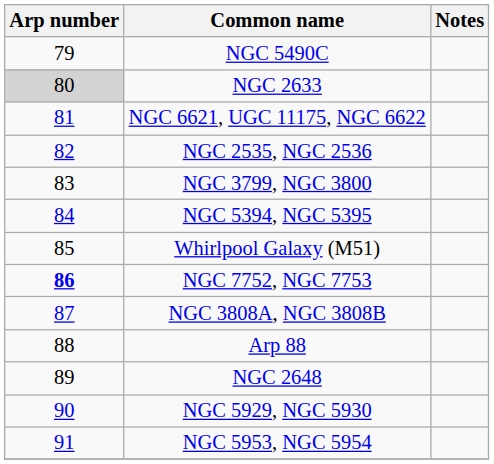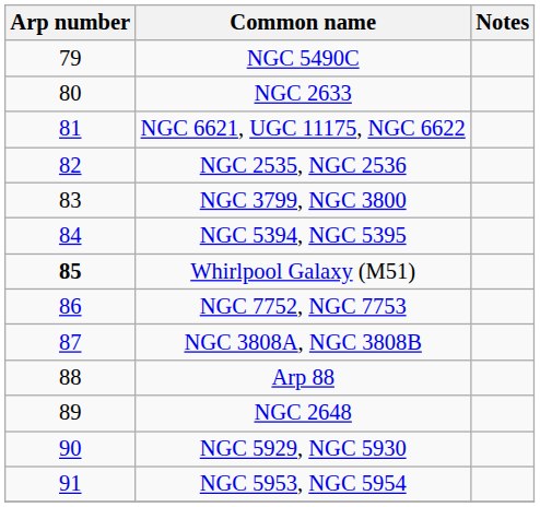 <table class="wikitable" style="text-align:center;">
 <tr>
 <th>Arp number</th>
 <th>Common name</th>
 <th>Notes</th>
 </tr>
 <tr>
 <td>79</td>
 <td><a href='#'>NGC 5490C</a></td>
 <td></td>
 </tr>
 <tr>
-<td style="background: lightgrey;">80</td>
+<td>80</td>
 <td><a href='#'>NGC 2633</a></td>
 <td></td>
 </tr>
 <tr>
 <td><a href='#'>81</a></td>
 <td><a href='#'>NGC 6621</a>, <a href='#'>UGC 11175</a>, <a href='#'>NGC 6622</a></td>
 <td></td>
 </tr>
 <tr>
 <td><a href='#'>82</a></td>
 <td><a href='#'>NGC 2535</a>, <a href='#'>NGC 2536</a></td>
 <td></td>
 </tr>
 <tr>
 <td>83</td>
 <td><a href='#'>NGC 3799</a>, <a href='#'>NGC 3800</a></td>
 <td></td>
 </tr>
 <tr>
 <td><a href='#'>84</a></td>
 <td><a href='#'>NGC 5394</a>, <a href='#'>NGC 5395</a></td>
 <td></td>
 </tr>
 <tr>
-<td>85</td>
+<td><strong>85</strong></td>
 <td><a href='#'>Whirlpool Galaxy</a> (M51)</td>
 <td></td>
 </tr>
 <tr>
-<td><strong><a href='#'>86</a></strong></td>
+<td><a href='#'>86</a></td>
 <td><a href='#'>NGC 7752</a>, <a href='#'>NGC 7753</a></td>
 <td></td>
 </tr>
 <tr>
 <td><a href='#'>87</a></td>
 <td><a href='#'>NGC 3808A</a>, <a href='#'>NGC 3808B</a></td>
 <td></td>
 </tr>
 <tr>
 <td>88</td>
 <td><a href='#'>Arp 88</a></td>
 <td></td>
 </tr>
 <tr>
 <td>89</td>
 <td><a href='#'>NGC 2648</a></td>
 <td></td>
 </tr>
 <tr>
 <td><a href='#'>90</a></td>
 <td><a href='#'>NGC 5929</a>, <a href='#'>NGC 5930</a></td>
 <td></td>
 </tr>
 <tr>
 <td><a href='#'>91</a></td>
 <td><a href='#'>NGC 5953</a>, <a href='#'>NGC 5954</a></td>
 <td></td>
 </tr>
 <tr>
 </tr>
 </table>
